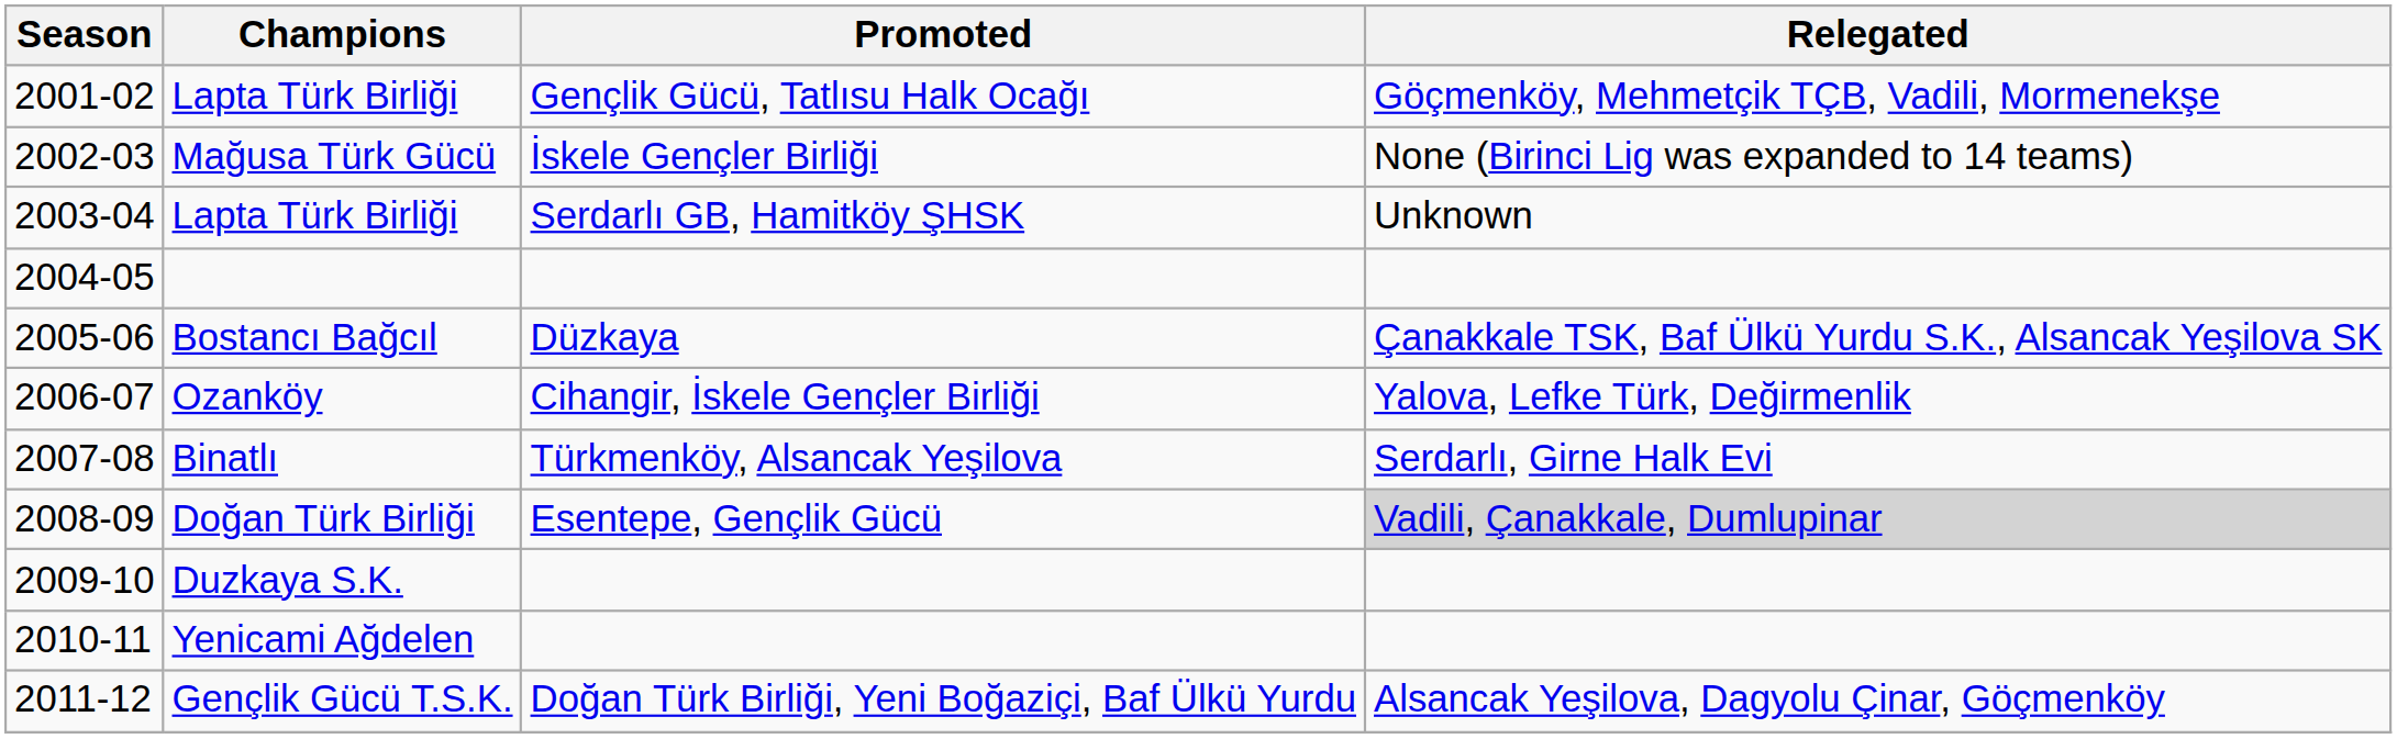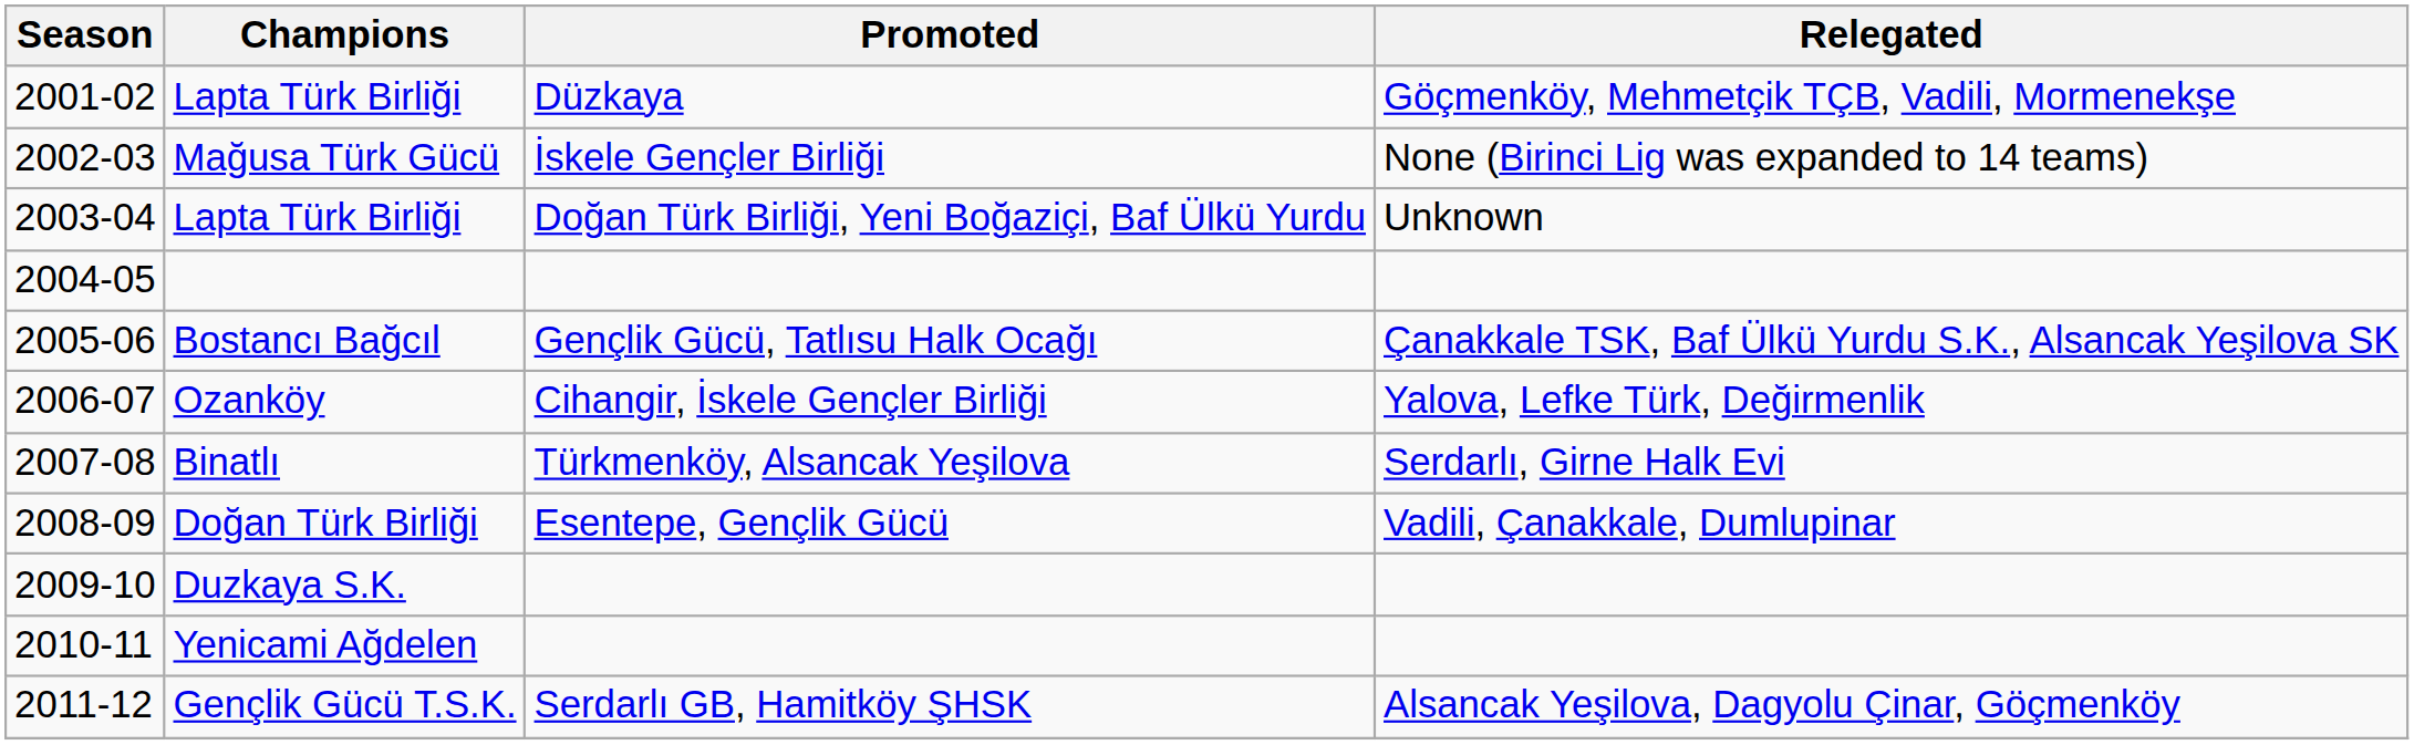 <table class=wikitable style="text-align:left">
 <tr>
 <th>Season</th>
 <th>Champions</th>
 <th>Promoted</th>
 <th>Relegated</th>
 </tr>
 <tr>
 <td>2001-02</td>
 <td><a href='#'>Lapta Türk Birliği</a></td>
-<td><a href='#'>Gençlik Gücü</a>, <a href='#'>Tatlısu Halk Ocağı</a></td>
+<td><a href='#'>Düzkaya</a></td>
 <td><a href='#'>Göçmenköy</a>, <a href='#'>Mehmetçik TÇB</a>, <a href='#'>Vadili</a>, <a href='#'>Mormenekşe</a></td>
 </tr>
 <tr>
 <td>2002-03</td>
 <td><a href='#'>Mağusa Türk Gücü</a></td>
 <td><a href='#'>İskele Gençler Birliği</a></td>
 <td>None (<a href='#'>Birinci Lig</a> was expanded to 14 teams)</td>
 </tr>
 <tr>
 <td>2003-04</td>
 <td><a href='#'>Lapta Türk Birliği</a></td>
-<td><a href='#'>Serdarlı GB</a>, <a href='#'>Hamitköy ŞHSK</a></td>
+<td><a href='#'>Doğan Türk Birliği</a>, <a href='#'>Yeni Boğaziçi</a>, <a href='#'>Baf Ülkü Yurdu</a></td>
 <td>Unknown</td>
 </tr>
 <tr>
 <td>2004-05</td>
 <td></td>
 <td></td>
 <td></td>
 </tr>
 <tr>
 <td>2005-06</td>
 <td><a href='#'>Bostancı Bağcıl</a></td>
-<td><a href='#'>Düzkaya</a></td>
+<td><a href='#'>Gençlik Gücü</a>, <a href='#'>Tatlısu Halk Ocağı</a></td>
 <td><a href='#'>Çanakkale TSK</a>, <a href='#'>Baf Ülkü Yurdu S.K.</a>, <a href='#'>Alsancak Yeşilova SK</a></td>
 </tr>
 <tr>
 <td>2006-07</td>
 <td><a href='#'>Ozanköy</a></td>
 <td><a href='#'>Cihangir</a>, <a href='#'>İskele Gençler Birliği</a></td>
 <td><a href='#'>Yalova</a>, <a href='#'>Lefke Türk</a>, <a href='#'>Değirmenlik</a></td>
 </tr>
 <tr>
 <td>2007-08</td>
 <td><a href='#'>Binatlı</a></td>
 <td><a href='#'>Türkmenköy</a>, <a href='#'>Alsancak Yeşilova</a></td>
 <td><a href='#'>Serdarlı</a>, <a href='#'>Girne Halk Evi</a></td>
 </tr>
 <tr>
 <td>2008-09</td>
 <td><a href='#'>Doğan Türk Birliği</a></td>
 <td><a href='#'>Esentepe</a>, <a href='#'>Gençlik Gücü</a></td>
-<td style="background: lightgrey;"><a href='#'>Vadili</a>, <a href='#'>Çanakkale</a>, <a href='#'>Dumlupinar</a></td>
+<td><a href='#'>Vadili</a>, <a href='#'>Çanakkale</a>, <a href='#'>Dumlupinar</a></td>
 </tr>
 <tr>
 <td>2009-10</td>
 <td><a href='#'>Duzkaya S.K.</a></td>
 <td></td>
 <td></td>
 </tr>
 <tr>
 <td>2010-11</td>
 <td><a href='#'>Yenicami Ağdelen</a></td>
 <td></td>
 <td></td>
 </tr>
 <tr>
 <td>2011-12</td>
 <td><a href='#'>Gençlik Gücü T.S.K.</a></td>
-<td><a href='#'>Doğan Türk Birliği</a>, <a href='#'>Yeni Boğaziçi</a>, <a href='#'>Baf Ülkü Yurdu</a></td>
+<td><a href='#'>Serdarlı GB</a>, <a href='#'>Hamitköy ŞHSK</a></td>
 <td><a href='#'>Alsancak Yeşilova</a>, <a href='#'>Dagyolu Çinar</a>, <a href='#'>Göçmenköy</a></td>
 </tr>
 <tr>
 </tr>
 </table>
